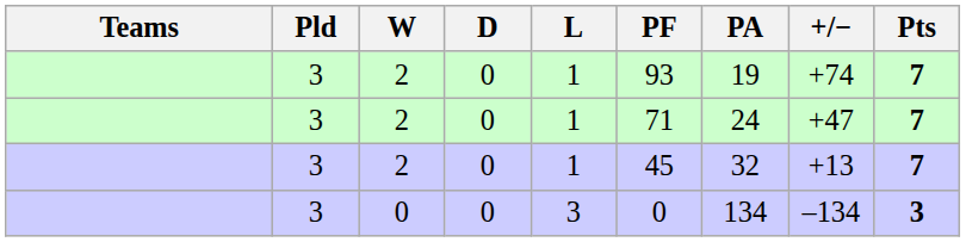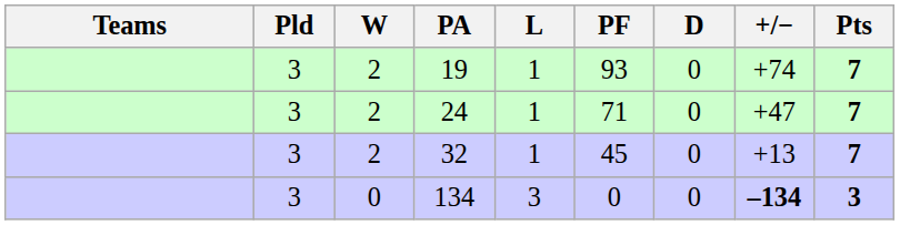 <table class="wikitable" style="text-align: center;">
 <tr>
 <th width="140">Teams</th>
 <th width="40">Pld</th>
 <th width="40">W</th>
-<th width="40">D</th>
+<th width="40">PA</th>
 <th width="40">L</th>
 <th width="40">PF</th>
-<th width="40">PA</th>
+<th width="40">D</th>
 <th width="40">+/−</th>
 <th width="40">Pts</th>
 </tr>
 <tr bgcolor=ccffcc>
 <td align=left></td>
 <td>3</td>
 <td>2</td>
-<td>0</td>
+<td>19</td>
 <td>1</td>
 <td>93</td>
-<td>19</td>
+<td>0</td>
 <td>+74</td>
 <td><strong>7</strong></td>
 </tr>
 <tr bgcolor=ccffcc>
 <td align=left></td>
 <td>3</td>
 <td>2</td>
-<td>0</td>
+<td>24</td>
 <td>1</td>
 <td>71</td>
-<td>24</td>
+<td>0</td>
 <td>+47</td>
 <td><strong>7</strong></td>
 </tr>
 <tr bgcolor=ccccff>
 <td align=left></td>
 <td>3</td>
 <td>2</td>
-<td>0</td>
+<td>32</td>
 <td>1</td>
 <td>45</td>
-<td>32</td>
+<td>0</td>
 <td>+13</td>
 <td><strong>7</strong></td>
 </tr>
 <tr bgcolor=ccccff>
 <td align=left></td>
 <td>3</td>
 <td>0</td>
-<td>0</td>
+<td>134</td>
 <td>3</td>
 <td>0</td>
-<td>134</td>
-<td>–134</td>
+<td>0</td>
+<td><strong>–134</strong></td>
 <td><strong>3</strong></td>
 </tr>
 </table>
